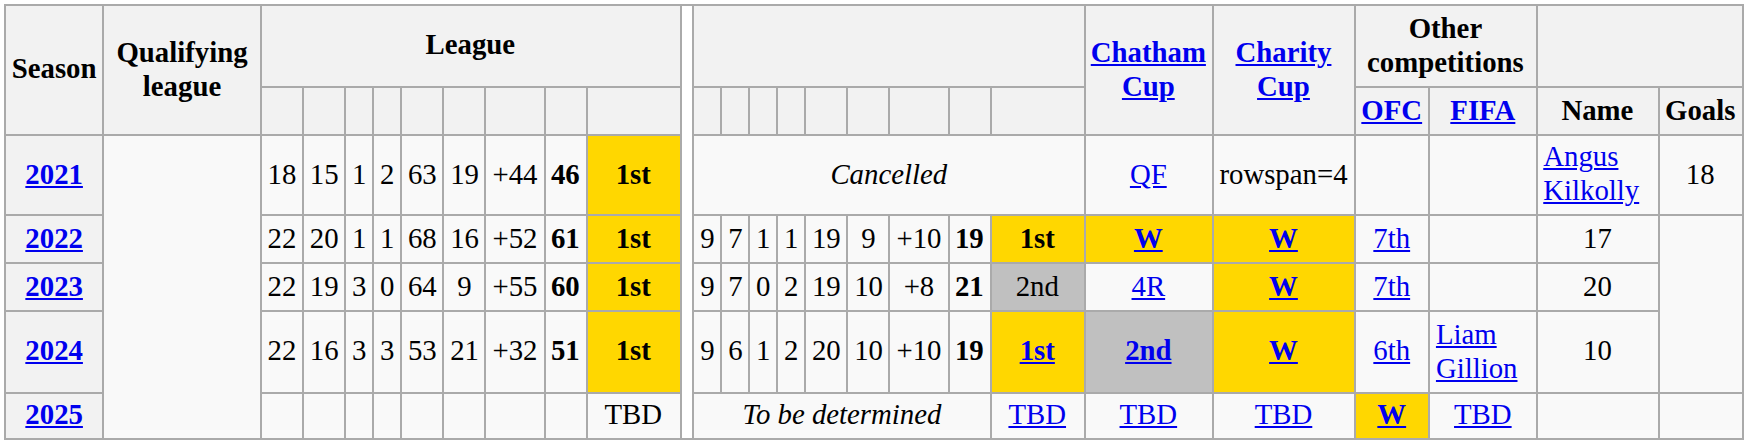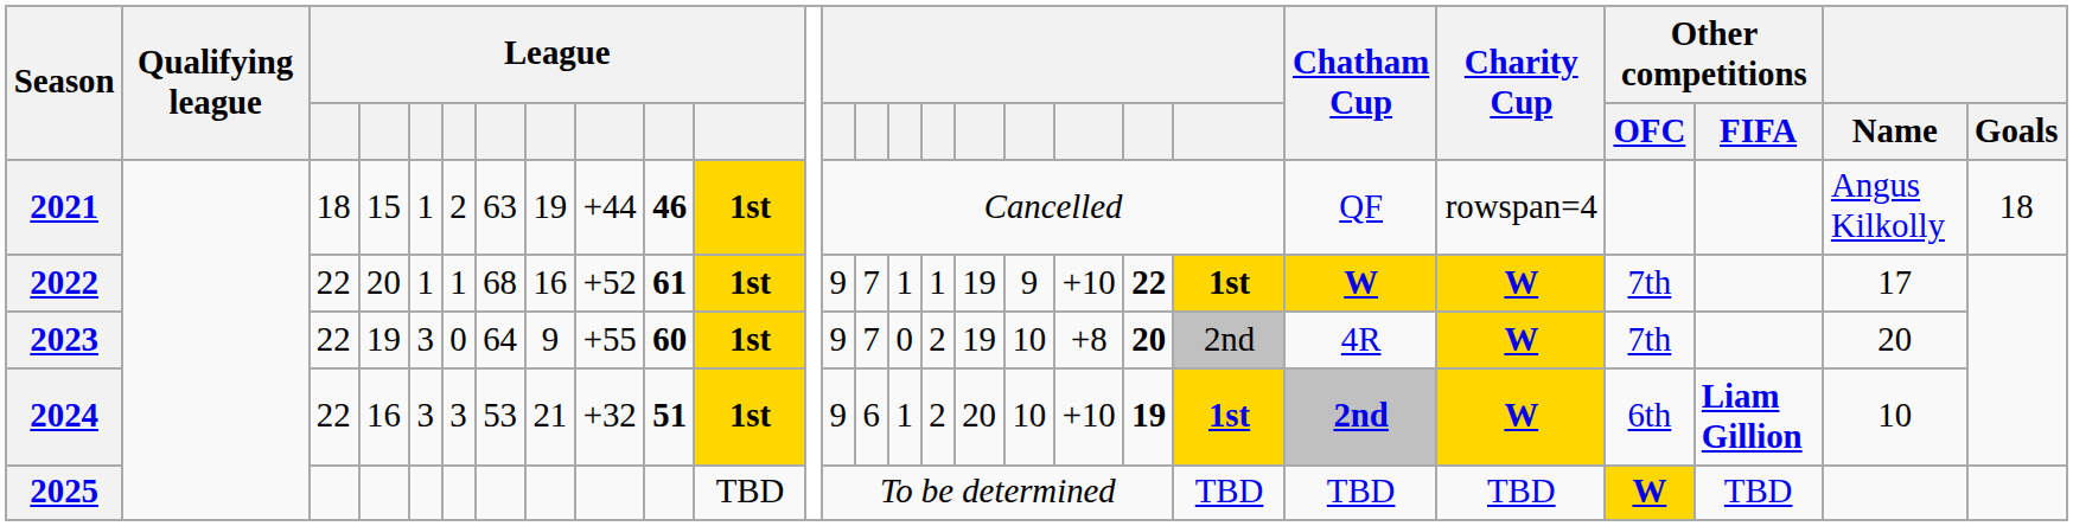 <table class="wikitable" style="font-size:90%; text-align:center;">
 <tr>
 <th rowspan=2>Season</th>
 <th rowspan=2>Qualifying league</th>
 <th colspan=9>League</th>
 <th style="background:white" rowspan=8></th>
 <th colspan=9></th>
 <th rowspan=2><a href='#'>Chatham<br>Cup</a></th>
 <th rowspan=2><a href='#'>Charity<br>Cup</a></th>
 <th colspan=2>Other competitions</th>
 <th colspan=2></th>
 </tr>
 <tr>
 <th></th>
 <th></th>
 <th></th>
 <th></th>
 <th></th>
 <th></th>
 <th></th>
 <th></th>
 <th width=40px></th>
 <th></th>
 <th></th>
 <th></th>
 <th></th>
 <th></th>
 <th></th>
 <th></th>
 <th></th>
 <th width=40px></th>
 <th><a href='#'>OFC</a></th>
 <th><a href='#'>FIFA</a></th>
 <th>Name</th>
 <th>Goals</th>
 </tr>
 <tr>
 <th><a href='#'>2021</a></th>
 <td rowspan=10></td>
 <td>18</td>
 <td>15</td>
 <td>1</td>
 <td>2</td>
 <td>63</td>
 <td>19</td>
 <td>+44</td>
 <td><strong>46</strong></td>
 <td style="background:gold;"><strong>1st</strong></td>
 <td colspan=9><em>Cancelled</em></td>
 <td><a href='#'>QF</a></td>
 <td>rowspan=4 </td>
 <td></td>
 <td></td>
 <td align=left> <a href='#'>Angus Kilkolly</a></td>
 <td>18</td>
 </tr>
 <tr>
 <th><a href='#'>2022</a></th>
 <td>22</td>
 <td>20</td>
 <td>1</td>
 <td>1</td>
 <td>68</td>
 <td>16</td>
 <td>+52</td>
 <td><strong>61</strong></td>
 <td style="background:gold;"><strong>1st</strong></td>
 <td>9</td>
 <td>7</td>
 <td>1</td>
 <td>1</td>
 <td>19</td>
 <td>9</td>
 <td>+10</td>
-<td><strong>19</strong></td>
+<td><strong>22</strong></td>
 <td style="background:gold;"><strong>1st</strong></td>
 <td style="background:gold;"><strong><a href='#'>W</a></strong></td>
 <td style="background:gold;"><strong><a href='#'>W</a></strong></td>
 <td><a href='#'>7th</a></td>
 <td style=text-align:left></td>
 <td>17</td>
 </tr>
 <tr>
 <th><a href='#'>2023</a></th>
 <td>22</td>
 <td>19</td>
 <td>3</td>
 <td>0</td>
 <td>64</td>
 <td>9</td>
 <td>+55</td>
 <td><strong>60</strong></td>
 <td style="background:gold;"><strong>1st</strong></td>
 <td>9</td>
 <td>7</td>
 <td>0</td>
 <td>2</td>
 <td>19</td>
 <td>10</td>
 <td>+8</td>
-<td><strong>21</strong></td>
+<td><strong>20</strong></td>
 <td style="background:silver;">2nd</td>
 <td><a href='#'>4R</a></td>
 <td style="background:gold;"><strong><a href='#'>W</a></strong></td>
 <td><a href='#'>7th</a></td>
 <td align=left></td>
 <td>20</td>
 </tr>
 <tr>
 <th><a href='#'>2024</a></th>
 <td>22</td>
 <td>16</td>
 <td>3</td>
 <td>3</td>
 <td>53</td>
 <td>21</td>
 <td>+32</td>
 <td><strong>51</strong></td>
 <td style="background:gold;"><strong>1st</strong></td>
 <td>9</td>
 <td>6</td>
 <td>1</td>
 <td>2</td>
 <td>20</td>
 <td>10</td>
 <td>+10</td>
 <td><strong>19</strong></td>
 <td style="background:gold;"><strong><a href='#'>1st</a></strong></td>
 <td style="background:silver;"><strong><a href='#'>2nd</a></strong></td>
 <td style="background:gold;"><strong><a href='#'>W</a></strong></td>
 <td><a href='#'>6th</a></td>
-<td align=left> <a href='#'>Liam Gillion</a></td>
+<td align=left><strong> <a href='#'>Liam Gillion</a></strong></td>
 <td>10</td>
 </tr>
 <tr>
 <th><a href='#'>2025</a></th>
 <td></td>
 <td></td>
 <td></td>
 <td></td>
 <td></td>
 <td></td>
 <td></td>
 <td></td>
 <td>TBD</td>
 <td colspan=8><em>To be determined</em></td>
 <td><a href='#'>TBD</a></td>
 <td><a href='#'>TBD</a></td>
 <td><a href='#'>TBD</a></td>
 <td style="background:gold;"><strong><a href='#'>W</a></strong></td>
 <td><a href='#'>TBD</a></td>
 <td align=left></td>
 <td></td>
 </tr>
 </table>
